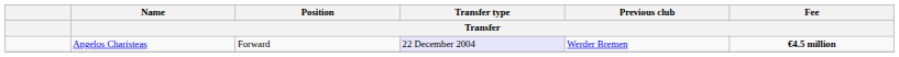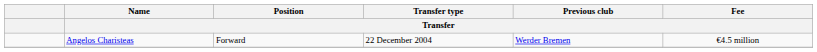 <table class="wikitable" style="width:100%; font-size:85%;">
 <tr>
 <th width="2%"></th>
 <th width="5%">Name</th>
 <th width="5%">Position</th>
 <th width="5%">Transfer type</th>
 <th width="5%">Previous club</th>
 <th width="5%">Fee</th>
 </tr>
 <tr>
 <th></th>
 <th colspan="5" align="center">Transfer</th>
 </tr>
 <tr>
 <td align=center></td>
 <td align=left> <a href='#'>Angelos Charisteas</a></td>
 <td align=left>Forward</td>
-<td align=left style="background: lavender;">22 December 2004</td>
+<td align=left>22 December 2004</td>
 <td align=left> <a href='#'>Werder Bremen</a></td>
-<td align=center><strong>€4.5 million</strong></td>
+<td align=center>€4.5 million</td>
 </tr>
 <tr>
 </tr>
 </table>
